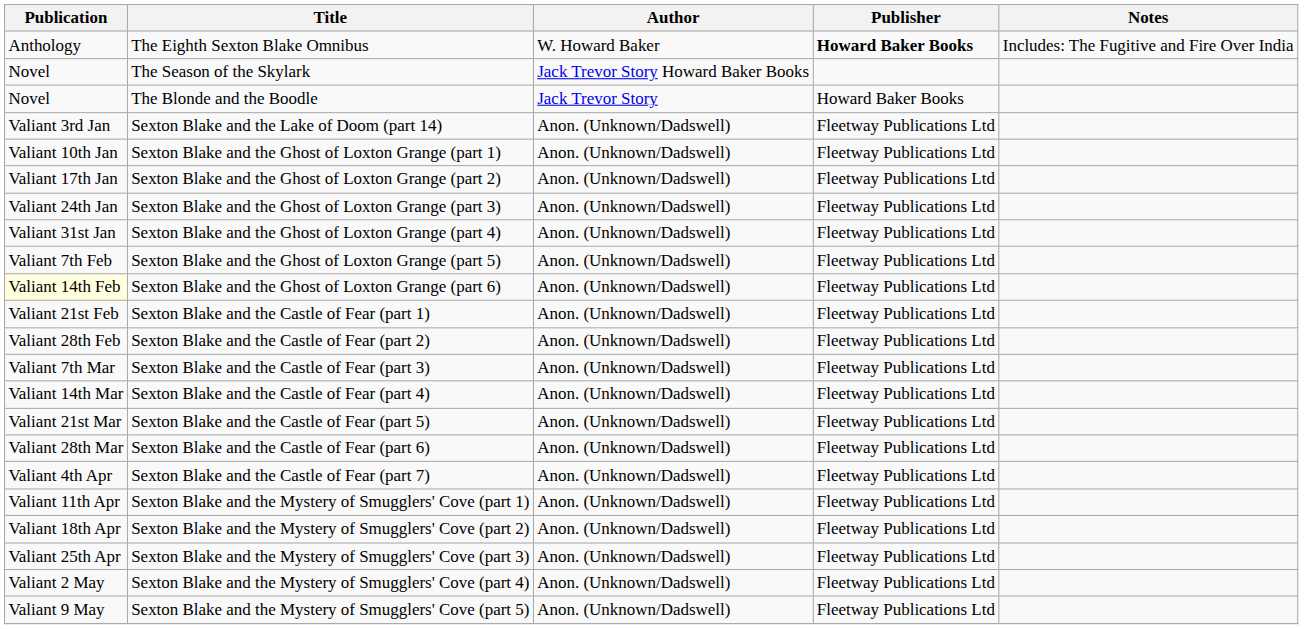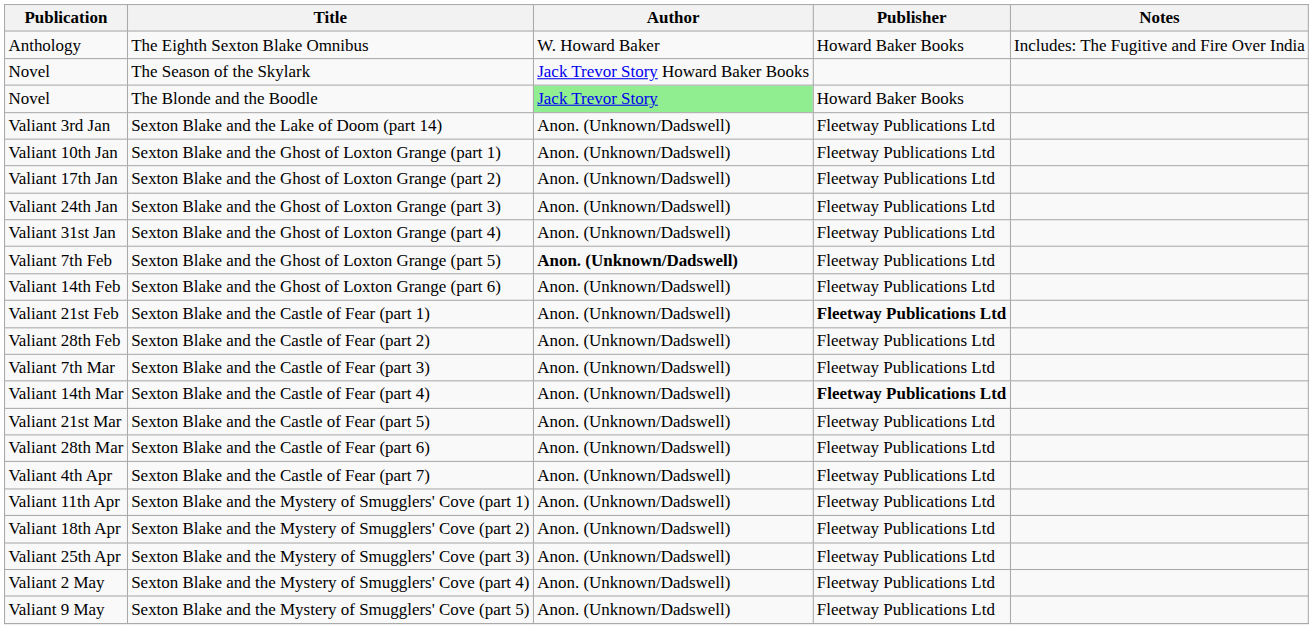 <table class="wikitable">
 <tr>
 <th>Publication</th>
 <th>Title</th>
 <th>Author</th>
 <th>Publisher</th>
 <th>Notes</th>
 </tr>
 <tr>
 <td>Anthology</td>
 <td>The Eighth Sexton Blake Omnibus</td>
 <td>W. Howard Baker</td>
-<td><strong>Howard Baker Books</strong></td>
+<td>Howard Baker Books</td>
 <td>Includes: The Fugitive and Fire Over India</td>
 </tr>
 <tr>
 <td>Novel</td>
 <td>The Season of the Skylark</td>
 <td><a href='#'>Jack Trevor Story</a> Howard Baker Books</td>
 <td></td>
 </tr>
 <tr>
 <td>Novel</td>
 <td>The Blonde and the Boodle</td>
-<td><a href='#'>Jack Trevor Story</a></td>
+<td style="background: lightgreen;"><a href='#'>Jack Trevor Story</a></td>
 <td>Howard Baker Books</td>
 <td></td>
 </tr>
 <tr>
 <td>Valiant 3rd Jan</td>
 <td>Sexton Blake and the Lake of Doom (part 14)</td>
 <td>Anon. (Unknown/Dadswell)</td>
 <td>Fleetway Publications Ltd</td>
 <td></td>
 </tr>
 <tr>
 <td>Valiant 10th Jan</td>
 <td>Sexton Blake and the Ghost of Loxton Grange (part 1)</td>
 <td>Anon. (Unknown/Dadswell)</td>
 <td>Fleetway Publications Ltd</td>
 <td></td>
 </tr>
 <tr>
 <td>Valiant 17th Jan</td>
 <td>Sexton Blake and the Ghost of Loxton Grange (part 2)</td>
 <td>Anon. (Unknown/Dadswell)</td>
 <td>Fleetway Publications Ltd</td>
 <td></td>
 </tr>
 <tr>
 <td>Valiant 24th Jan</td>
 <td>Sexton Blake and the Ghost of Loxton Grange (part 3)</td>
 <td>Anon. (Unknown/Dadswell)</td>
 <td>Fleetway Publications Ltd</td>
 <td></td>
 </tr>
 <tr>
 <td>Valiant 31st Jan</td>
 <td>Sexton Blake and the Ghost of Loxton Grange (part 4)</td>
 <td>Anon. (Unknown/Dadswell)</td>
 <td>Fleetway Publications Ltd</td>
 <td></td>
 </tr>
 <tr>
 <td>Valiant 7th Feb</td>
 <td>Sexton Blake and the Ghost of Loxton Grange (part 5)</td>
-<td>Anon. (Unknown/Dadswell)</td>
+<td><strong>Anon. (Unknown/Dadswell)</strong></td>
 <td>Fleetway Publications Ltd</td>
 <td></td>
 </tr>
 <tr>
-<td style="background: lightyellow;">Valiant 14th Feb</td>
+<td>Valiant 14th Feb</td>
 <td>Sexton Blake and the Ghost of Loxton Grange (part 6)</td>
 <td>Anon. (Unknown/Dadswell)</td>
 <td>Fleetway Publications Ltd</td>
 <td></td>
 </tr>
 <tr>
 <td>Valiant 21st Feb</td>
 <td>Sexton Blake and the Castle of Fear (part 1)</td>
 <td>Anon. (Unknown/Dadswell)</td>
-<td>Fleetway Publications Ltd</td>
+<td><strong>Fleetway Publications Ltd</strong></td>
 <td></td>
 </tr>
 <tr>
 <td>Valiant 28th Feb</td>
 <td>Sexton Blake and the Castle of Fear (part 2)</td>
 <td>Anon. (Unknown/Dadswell)</td>
 <td>Fleetway Publications Ltd</td>
 <td></td>
 </tr>
 <tr>
 <td>Valiant 7th Mar</td>
 <td>Sexton Blake and the Castle of Fear (part 3)</td>
 <td>Anon. (Unknown/Dadswell)</td>
 <td>Fleetway Publications Ltd</td>
 <td></td>
 </tr>
 <tr>
 <td>Valiant 14th Mar</td>
 <td>Sexton Blake and the Castle of Fear (part 4)</td>
 <td>Anon. (Unknown/Dadswell)</td>
-<td>Fleetway Publications Ltd</td>
+<td><strong>Fleetway Publications Ltd</strong></td>
 <td></td>
 </tr>
 <tr>
 <td>Valiant 21st Mar</td>
 <td>Sexton Blake and the Castle of Fear (part 5)</td>
 <td>Anon. (Unknown/Dadswell)</td>
 <td>Fleetway Publications Ltd</td>
 <td></td>
 </tr>
 <tr>
 <td>Valiant 28th Mar</td>
 <td>Sexton Blake and the Castle of Fear (part 6)</td>
 <td>Anon. (Unknown/Dadswell)</td>
 <td>Fleetway Publications Ltd</td>
 <td></td>
 </tr>
 <tr>
 <td>Valiant 4th Apr</td>
 <td>Sexton Blake and the Castle of Fear (part 7)</td>
 <td>Anon. (Unknown/Dadswell)</td>
 <td>Fleetway Publications Ltd</td>
 <td></td>
 </tr>
 <tr>
 <td>Valiant 11th Apr</td>
 <td>Sexton Blake and the Mystery of Smugglers' Cove (part 1)</td>
 <td>Anon. (Unknown/Dadswell)</td>
 <td>Fleetway Publications Ltd</td>
 <td></td>
 </tr>
 <tr>
 <td>Valiant 18th Apr</td>
 <td>Sexton Blake and the Mystery of Smugglers' Cove (part 2)</td>
 <td>Anon. (Unknown/Dadswell)</td>
 <td>Fleetway Publications Ltd</td>
 <td></td>
 </tr>
 <tr>
 <td>Valiant 25th Apr</td>
 <td>Sexton Blake and the Mystery of Smugglers' Cove (part 3)</td>
 <td>Anon. (Unknown/Dadswell)</td>
 <td>Fleetway Publications Ltd</td>
 <td></td>
 </tr>
 <tr>
 <td>Valiant 2 May</td>
 <td>Sexton Blake and the Mystery of Smugglers' Cove (part 4)</td>
 <td>Anon. (Unknown/Dadswell)</td>
 <td>Fleetway Publications Ltd</td>
 <td></td>
 </tr>
 <tr>
 <td>Valiant 9 May</td>
 <td>Sexton Blake and the Mystery of Smugglers' Cove (part 5)</td>
 <td>Anon. (Unknown/Dadswell)</td>
 <td>Fleetway Publications Ltd</td>
 <td></td>
 </tr>
 <tr>
 </tr>
 </table>
